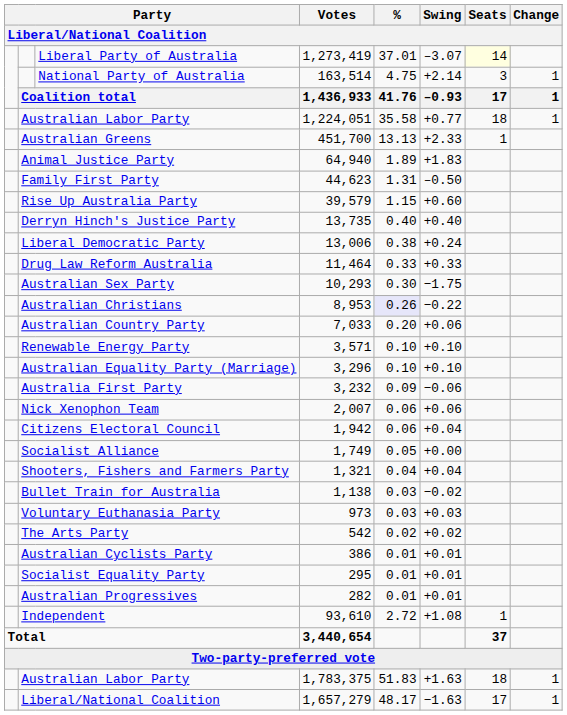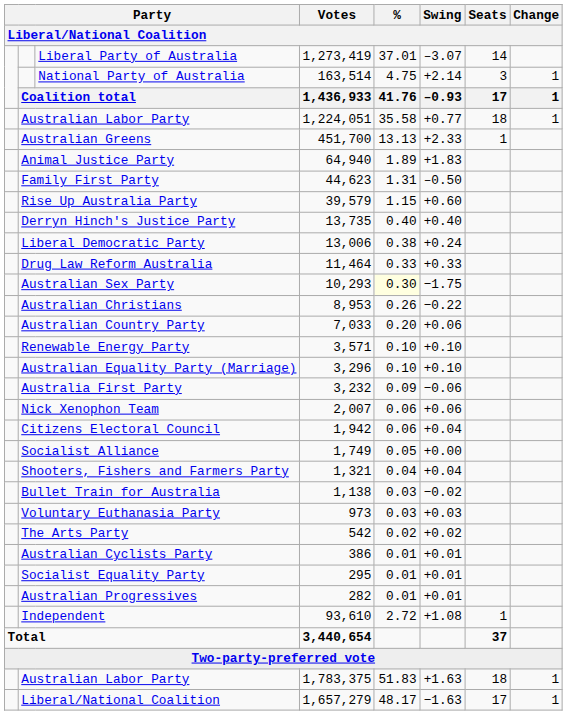 <table class="wikitable">
 <tr>
 <th style="width:200px" colspan=3><strong>Party</strong></th>
 <th style="width:70px; text-align:center;"><strong>Votes</strong></th>
 <th style="width:40px; text-align:center;"><strong>%</strong></th>
 <th style="width:40px; text-align:center;"><strong>Swing</strong></th>
 <th style="width:40px; text-align:center;"><strong>Seats</strong></th>
 <th style="width:40px; text-align:center;"><strong>Change</strong></th>
 </tr>
 <tr>
 <th colspan="8" style="text-align:left;"><a href='#'>Liberal/National Coalition</a></th>
 </tr>
 <tr>
 <td rowspan="3"> </td>
 <td> </td>
 <td><a href='#'>Liberal Party of Australia</a></td>
 <td align=right>1,273,419</td>
 <td align=right>37.01</td>
 <td align=right>–3.07</td>
-<td align=right style="background: lightyellow;">14</td>
+<td align=right>14</td>
 <td align=right></td>
 </tr>
 <tr>
 <td> </td>
 <td><a href='#'>National Party of Australia</a></td>
 <td align=right>163,514</td>
 <td align=right>4.75</td>
 <td align=right>+2.14</td>
 <td align=right>3</td>
 <td align=right> 1</td>
 </tr>
 <tr>
 <th colspan="2" style="text-align:left;"><a href='#'>Coalition total</a></th>
 <th style="text-align:right;">1,436,933</th>
 <th style="text-align:right;">41.76</th>
 <th style="text-align:right;">–0.93</th>
 <th style="text-align:right;">17</th>
 <th style="text-align:right;"> 1</th>
 </tr>
 <tr>
 <td> </td>
 <td colspan=2><a href='#'>Australian Labor Party</a></td>
 <td align=right>1,224,051</td>
 <td align=right>35.58</td>
 <td align=right>+0.77</td>
 <td align=right>18</td>
 <td align=right> 1</td>
 </tr>
 <tr>
 <td> </td>
 <td colspan=2><a href='#'>Australian Greens</a></td>
 <td align=right>451,700</td>
 <td align=right>13.13</td>
 <td align=right>+2.33</td>
 <td align=right>1</td>
 <td align=right></td>
 </tr>
 <tr>
 <td> </td>
 <td colspan=2><a href='#'>Animal Justice Party</a></td>
 <td align=right>64,940</td>
 <td align=right>1.89</td>
 <td align=right>+1.83</td>
 <td align=right></td>
 <td align=right></td>
 </tr>
 <tr>
 <td> </td>
 <td colspan=2><a href='#'>Family First Party</a></td>
 <td align=right>44,623</td>
 <td align=right>1.31</td>
 <td align=right>–0.50</td>
 <td align=right></td>
 <td align=right></td>
 </tr>
 <tr>
 <td> </td>
 <td colspan=2><a href='#'>Rise Up Australia Party</a></td>
 <td align=right>39,579</td>
 <td align=right>1.15</td>
 <td align=right>+0.60</td>
 <td align=right></td>
 <td align=right></td>
 </tr>
 <tr>
 <td> </td>
 <td colspan=2><a href='#'>Derryn Hinch's Justice Party</a></td>
 <td align=right>13,735</td>
 <td align=right>0.40</td>
 <td align=right>+0.40</td>
 <td align=right></td>
 <td align=right></td>
 </tr>
 <tr>
 <td> </td>
 <td colspan=2><a href='#'>Liberal Democratic Party</a></td>
 <td align=right>13,006</td>
 <td align=right>0.38</td>
 <td align=right>+0.24</td>
 <td align=right></td>
 <td align=right></td>
 </tr>
 <tr>
 <td> </td>
 <td colspan=2><a href='#'>Drug Law Reform Australia</a></td>
 <td align=right>11,464</td>
 <td align=right>0.33</td>
 <td align=right>+0.33</td>
 <td align=right></td>
 <td align=right></td>
 </tr>
 <tr>
 <td> </td>
 <td colspan=2><a href='#'>Australian Sex Party</a></td>
 <td align=right>10,293</td>
-<td align=right>0.30</td>
+<td align=right style="background: lightyellow;">0.30</td>
 <td align=right>−1.75</td>
 <td align=right></td>
 <td align=right></td>
 </tr>
 <tr>
 <td> </td>
 <td colspan=2><a href='#'>Australian Christians</a></td>
 <td align=right>8,953</td>
-<td align=right style="background: lavender;">0.26</td>
+<td align=right>0.26</td>
 <td align=right>−0.22</td>
 <td align=right></td>
 <td align=right></td>
 </tr>
 <tr>
 <td> </td>
 <td colspan=2><a href='#'>Australian Country Party</a></td>
 <td align=right>7,033</td>
 <td align=right>0.20</td>
 <td align=right>+0.06</td>
 <td align=right></td>
 <td align=right></td>
 </tr>
 <tr>
 <td> </td>
 <td colspan=2><a href='#'>Renewable Energy Party</a></td>
 <td align=right>3,571</td>
 <td align=right>0.10</td>
 <td align=right>+0.10</td>
 <td align=right></td>
 <td align=right></td>
 </tr>
 <tr>
 <td> </td>
 <td colspan=2><a href='#'>Australian Equality Party (Marriage)</a></td>
 <td align=right>3,296</td>
 <td align=right>0.10</td>
 <td align=right>+0.10</td>
 <td align=right></td>
 <td align=right></td>
 </tr>
 <tr>
 <td> </td>
 <td colspan=2><a href='#'>Australia First Party</a></td>
 <td align=right>3,232</td>
 <td align=right>0.09</td>
 <td align=right>−0.06</td>
 <td align=right></td>
 <td align=right></td>
 </tr>
 <tr>
 <td> </td>
 <td colspan=2><a href='#'>Nick Xenophon Team</a></td>
 <td align=right>2,007</td>
 <td align=right>0.06</td>
 <td align=right>+0.06</td>
 <td align=right></td>
 <td align=right></td>
 </tr>
 <tr>
 <td> </td>
 <td colspan=2><a href='#'>Citizens Electoral Council</a></td>
 <td align=right>1,942</td>
 <td align=right>0.06</td>
 <td align=right>+0.04</td>
 <td align=right></td>
 <td align=right></td>
 </tr>
 <tr>
 <td> </td>
 <td colspan=2><a href='#'>Socialist Alliance</a></td>
 <td align=right>1,749</td>
 <td align=right>0.05</td>
 <td align=right>+0.00</td>
 <td align=right></td>
 <td align=right></td>
 </tr>
 <tr>
 <td> </td>
 <td colspan=2><a href='#'>Shooters, Fishers and Farmers Party</a></td>
 <td align=right>1,321</td>
 <td align=right>0.04</td>
 <td align=right>+0.04</td>
 <td align=right></td>
 <td align=right></td>
 </tr>
 <tr>
 <td> </td>
 <td colspan=2><a href='#'>Bullet Train for Australia</a></td>
 <td align=right>1,138</td>
 <td align=right>0.03</td>
 <td align=right>−0.02</td>
 <td align=right></td>
 <td align=right></td>
 </tr>
 <tr>
 <td> </td>
 <td colspan=2><a href='#'>Voluntary Euthanasia Party</a></td>
 <td align=right>973</td>
 <td align=right>0.03</td>
 <td align=right>+0.03</td>
 <td align=right></td>
 <td align=right></td>
 </tr>
 <tr>
 <td> </td>
 <td colspan=2><a href='#'>The Arts Party</a></td>
 <td align=right>542</td>
 <td align=right>0.02</td>
 <td align=right>+0.02</td>
 <td align=right></td>
 <td align=right></td>
 </tr>
 <tr>
 <td> </td>
 <td colspan=2><a href='#'>Australian Cyclists Party</a></td>
 <td align=right>386</td>
 <td align=right>0.01</td>
 <td align=right>+0.01</td>
 <td align=right></td>
 <td align=right></td>
 </tr>
 <tr>
 <td> </td>
 <td colspan=2><a href='#'>Socialist Equality Party</a></td>
 <td align=right>295</td>
 <td align=right>0.01</td>
 <td align=right>+0.01</td>
 <td align=right></td>
 <td align=right></td>
 </tr>
 <tr>
 <td> </td>
 <td colspan=2><a href='#'>Australian Progressives</a></td>
 <td align=right>282</td>
 <td align=right>0.01</td>
 <td align=right>+0.01</td>
 <td align=right></td>
 <td align=right></td>
 </tr>
 <tr>
 <td> </td>
 <td colspan=2><a href='#'>Independent</a></td>
 <td align=right>93,610</td>
 <td align=right>2.72</td>
 <td align=right>+1.08</td>
 <td align=right>1</td>
 <td align=right></td>
 </tr>
 <tr>
 <td colspan="3"><strong>Total</strong></td>
 <td align="right"><strong>3,440,654</strong></td>
 <td align="right"><strong> </strong></td>
 <td align="right"><strong> </strong></td>
 <td align=right><strong>37</strong></td>
 <td align=right></td>
 </tr>
 <tr>
 <td colspan="8" style="text-align:center; background:#eee;"><strong><a href='#'>Two-party-preferred vote</a></strong></td>
 </tr>
 <tr>
 <td> </td>
 <td colspan=2><a href='#'>Australian Labor Party</a></td>
 <td align=right>1,783,375</td>
 <td align=right>51.83</td>
 <td align=right>+1.63</td>
 <td align=right>18</td>
 <td align=right> 1</td>
 </tr>
 <tr>
 <td> </td>
 <td colspan=2><a href='#'>Liberal/National Coalition</a></td>
 <td align=right>1,657,279</td>
 <td align=right>48.17</td>
 <td align=right>−1.63</td>
 <td align=right>17</td>
 <td align=right> 1</td>
 </tr>
 </table>
